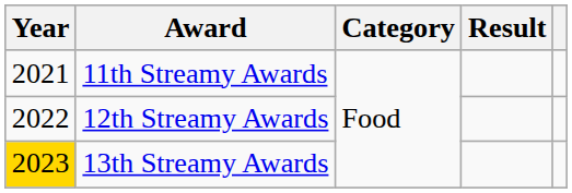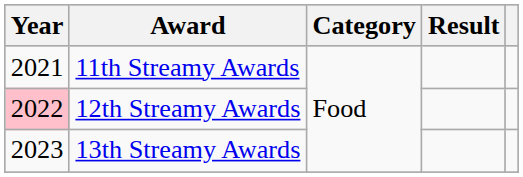 <table class="wikitable sortable">
 <tr>
 <th>Year</th>
 <th>Award</th>
 <th>Category</th>
 <th>Result</th>
 <th></th>
 </tr>
 <tr>
 <td>2021</td>
 <td><a href='#'>11th Streamy Awards</a></td>
 <td rowspan="3">Food</td>
 <td></td>
 <td></td>
 </tr>
 <tr>
-<td>2022</td>
+<td style="background: pink;">2022</td>
 <td><a href='#'>12th Streamy Awards</a></td>
 <td></td>
 <td></td>
 </tr>
 <tr>
-<td style="background: gold;">2023</td>
+<td>2023</td>
 <td><a href='#'>13th Streamy Awards</a></td>
 <td></td>
 <td></td>
 </tr>
 </table>
